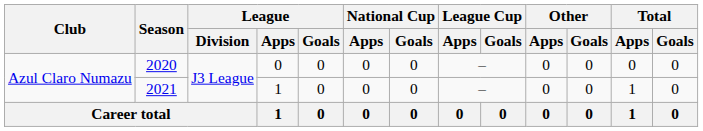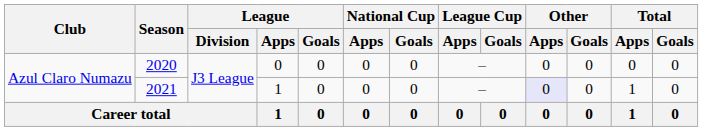 <table class="wikitable" style="text-align: center">
 <tr>
 <th rowspan="2">Club</th>
 <th rowspan="2">Season</th>
 <th colspan="3">League</th>
 <th colspan="2">National Cup</th>
 <th colspan="2">League Cup</th>
 <th colspan="2">Other</th>
 <th colspan="2">Total</th>
 </tr>
 <tr>
 <th>Division</th>
 <th>Apps</th>
 <th>Goals</th>
 <th>Apps</th>
 <th>Goals</th>
 <th>Apps</th>
 <th>Goals</th>
 <th>Apps</th>
 <th>Goals</th>
 <th>Apps</th>
 <th>Goals</th>
 </tr>
 <tr>
 <td rowspan="2"><a href='#'>Azul Claro Numazu</a></td>
 <td><a href='#'>2020</a></td>
 <td rowspan="2"><a href='#'>J3 League</a></td>
 <td>0</td>
 <td>0</td>
 <td>0</td>
 <td>0</td>
 <td colspan="2">–</td>
 <td>0</td>
 <td>0</td>
 <td>0</td>
 <td>0</td>
 </tr>
 <tr>
 <td><a href='#'>2021</a></td>
 <td>1</td>
 <td>0</td>
 <td>0</td>
 <td>0</td>
 <td colspan="2">–</td>
-<td>0</td>
+<td style="background: lavender;">0</td>
 <td>0</td>
 <td>1</td>
 <td>0</td>
 </tr>
 <tr>
 <th colspan=3>Career total</th>
 <th>1</th>
 <th>0</th>
 <th>0</th>
 <th>0</th>
 <th>0</th>
 <th>0</th>
 <th>0</th>
 <th>0</th>
 <th>1</th>
 <th>0</th>
 </tr>
 </table>
